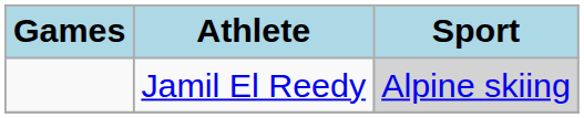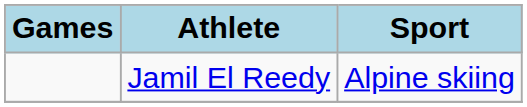 <table class="wikitable" style="text-align:center">
 <tr>
 <th style="background-color:lightblue">Games</th>
 <th style="background-color:lightblue">Athlete</th>
 <th style="background-color:lightblue">Sport</th>
 </tr>
 <tr>
 <td align=left></td>
 <td><a href='#'>Jamil El Reedy</a></td>
-<td style="background: lightgrey;"><a href='#'>Alpine skiing</a></td>
+<td><a href='#'>Alpine skiing</a></td>
 </tr>
 <tr>
 </tr>
 </table>
